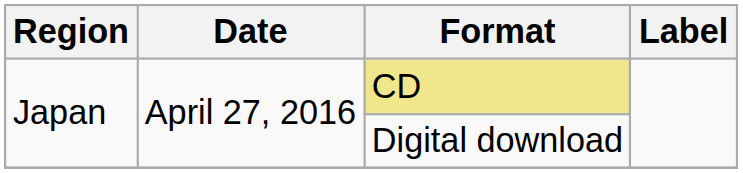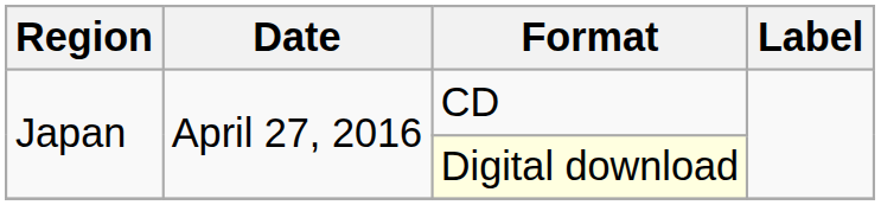 <table class="wikitable plainrowheaders">
 <tr>
 <th scope="col">Region</th>
 <th scope="col">Date</th>
 <th scope="col">Format</th>
 <th scope="col">Label</th>
 </tr>
 <tr>
 <td rowspan="2">Japan</td>
 <td rowspan="2">April 27, 2016</td>
-<td style="background: khaki;">CD</td>
+<td>CD</td>
 <td rowspan="2"></td>
 </tr>
 <tr>
-<td>Digital download</td>
+<td style="background: lightyellow;">Digital download</td>
 </tr>
 <tr>
 </tr>
 </table>
